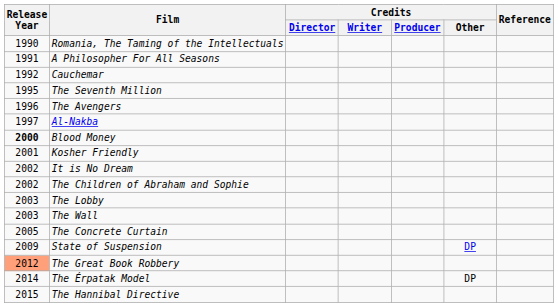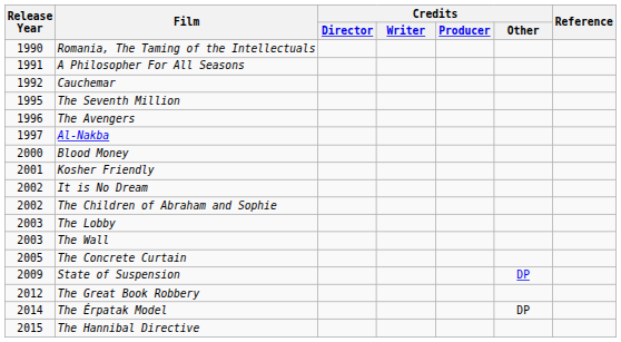 <table class="wikitable" style="text-align:center;">
 <tr>
 <th rowspan="2" width="33">Release Year</th>
 <th rowspan="2">Film</th>
 <th colspan="4">Credits</th>
 <th rowspan="2" width=65>Reference</th>
 </tr>
 <tr>
 <th width=65><a href='#'>Director</a></th>
 <th width=65><a href='#'>Writer</a></th>
 <th width=65><a href='#'>Producer</a></th>
 <th width=65>Other</th>
 </tr>
 <tr>
 <td>1990</td>
 <td style="text-align:left;"><em>Romania, The Taming of the Intellectuals</em></td>
 <td></td>
 <td></td>
 <td></td>
 <td></td>
 <td></td>
 </tr>
 <tr>
 <td>1991</td>
 <td style="text-align:left;"><em>A Philosopher For All Seasons</em></td>
 <td></td>
 <td></td>
 <td></td>
 <td></td>
 <td></td>
 </tr>
 <tr>
 <td>1992</td>
 <td style="text-align:left;"><em>Cauchemar</em></td>
 <td></td>
 <td></td>
 <td></td>
 <td></td>
 <td></td>
 </tr>
 <tr>
 <td>1995</td>
 <td style="text-align:left;"><em>The Seventh Million</em></td>
 <td></td>
 <td></td>
 <td></td>
 <td></td>
 <td></td>
 </tr>
 <tr>
 <td>1996</td>
 <td style="text-align:left;"><em>The Avengers</em></td>
 <td></td>
 <td></td>
 <td></td>
 <td></td>
 <td></td>
 </tr>
 <tr>
 <td>1997</td>
 <td style="text-align:left;"><em><a href='#'>Al-Nakba</a></em></td>
 <td></td>
 <td></td>
 <td></td>
 <td></td>
 <td></td>
 </tr>
 <tr>
-<td><strong>2000</strong></td>
+<td>2000</td>
 <td style="text-align:left;"><em>Blood Money</em></td>
 <td></td>
 <td></td>
 <td></td>
 <td></td>
 <td></td>
 </tr>
 <tr>
 <td>2001</td>
 <td style="text-align:left;"><em>Kosher Friendly</em></td>
 <td></td>
 <td></td>
 <td></td>
 <td></td>
 <td></td>
 </tr>
 <tr>
 <td>2002</td>
 <td style="text-align:left;"><em>It is No Dream</em></td>
 <td></td>
 <td></td>
 <td></td>
 <td></td>
 <td></td>
 </tr>
 <tr>
 <td>2002</td>
 <td style="text-align:left;"><em>The Children of Abraham and Sophie</em></td>
 <td></td>
 <td></td>
 <td></td>
 <td></td>
 <td></td>
 </tr>
 <tr>
 <td>2003</td>
 <td style="text-align:left;"><em>The Lobby</em></td>
 <td></td>
 <td></td>
 <td></td>
 <td></td>
 <td></td>
 </tr>
 <tr>
 <td>2003</td>
 <td style="text-align:left;"><em>The Wall</em></td>
 <td></td>
 <td></td>
 <td></td>
 <td></td>
 <td></td>
 </tr>
 <tr>
 <td>2005</td>
 <td style="text-align:left;"><em>The Concrete Curtain</em></td>
 <td></td>
 <td></td>
 <td></td>
 <td></td>
 <td></td>
 </tr>
 <tr>
 <td>2009</td>
 <td style="text-align:left;"><em>State of Suspension</em></td>
 <td></td>
 <td></td>
 <td></td>
 <td><a href='#'>DP</a></td>
 <td></td>
 </tr>
 <tr>
-<td style="background: lightsalmon;">2012</td>
+<td>2012</td>
 <td style="text-align:left;"><em>The Great Book Robbery</em></td>
 <td></td>
 <td></td>
 <td></td>
 <td></td>
 <td></td>
 </tr>
 <tr>
 <td>2014</td>
 <td style="text-align:left;"><em>The Érpatak Model</em></td>
 <td></td>
 <td></td>
 <td></td>
 <td>DP</td>
 <td></td>
 </tr>
 <tr>
 <td>2015</td>
 <td style="text-align:left;"><em>The Hannibal Directive</em></td>
 <td></td>
 <td></td>
 <td></td>
 <td></td>
 <td></td>
 </tr>
 </table>
